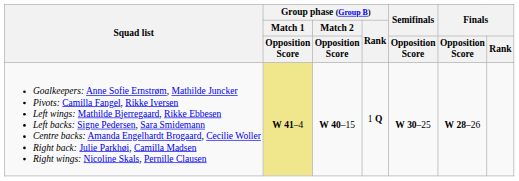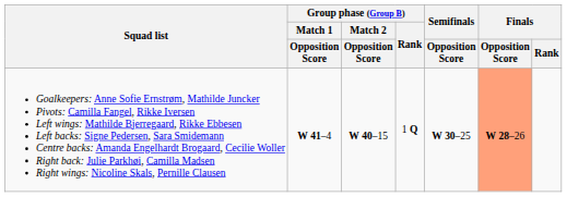 <table class="wikitable" style="font-size:90%; text-align:center;">
 <tr>
 <th rowspan="3">Squad list</th>
 <th colspan="3">Group phase <small>(<a href='#'>Group B</a>)</small></th>
 <th rowspan="2">Semifinals</th>
 <th rowspan="2" colspan="2">Finals</th>
 </tr>
 <tr>
 <th>Match 1</th>
 <th>Match 2</th>
 <th rowspan="2">Rank</th>
 </tr>
 <tr>
 <th>Opposition<br>Score</th>
 <th>Opposition<br>Score</th>
 <th>Opposition<br>Score</th>
 <th>Opposition<br>Score</th>
 <th>Rank</th>
 </tr>
 <tr>
 <td style="text-align:left;"><br><ul><li><em>Goalkeepers:</em> <a href='#'>Anne Sofie Ernstrøm</a>, <a href='#'>Mathilde Juncker</a></li><li><em>Pivots:</em> <a href='#'>Camilla Fangel</a>, <a href='#'>Rikke Iversen</a></li><li><em>Left wings:</em> <a href='#'>Mathilde Bjerregaard</a>, <a href='#'>Rikke Ebbesen</a></li><li><em>Left backs:</em> <a href='#'>Signe Pedersen</a>, <a href='#'>Sara Smidemann</a></li><li><em>Centre backs:</em> <a href='#'>Amanda Engelhardt Brogaard</a>, <a href='#'>Cecilie Woller</a></li><li><em>Right back:</em> <a href='#'>Julie Parkhøi</a>, <a href='#'>Camilla Madsen</a></li><li><em>Right wings:</em> <a href='#'>Nicoline Skals</a>, <a href='#'>Pernille Clausen</a></li></ul></td>
-<td style="background: khaki;"><br><strong>W</strong> <strong>41</strong>–4</td>
+<td><br><strong>W</strong> <strong>41</strong>–4</td>
 <td><br><strong>W</strong> <strong>40</strong>–15</td>
 <td>1 <strong>Q</strong></td>
 <td><br><strong>W</strong> <strong>30</strong>–25</td>
-<td><br><strong>W</strong> <strong>28</strong>–26</td>
+<td style="background: lightsalmon;"><br><strong>W</strong> <strong>28</strong>–26</td>
 <td></td>
 </tr>
 </table>
